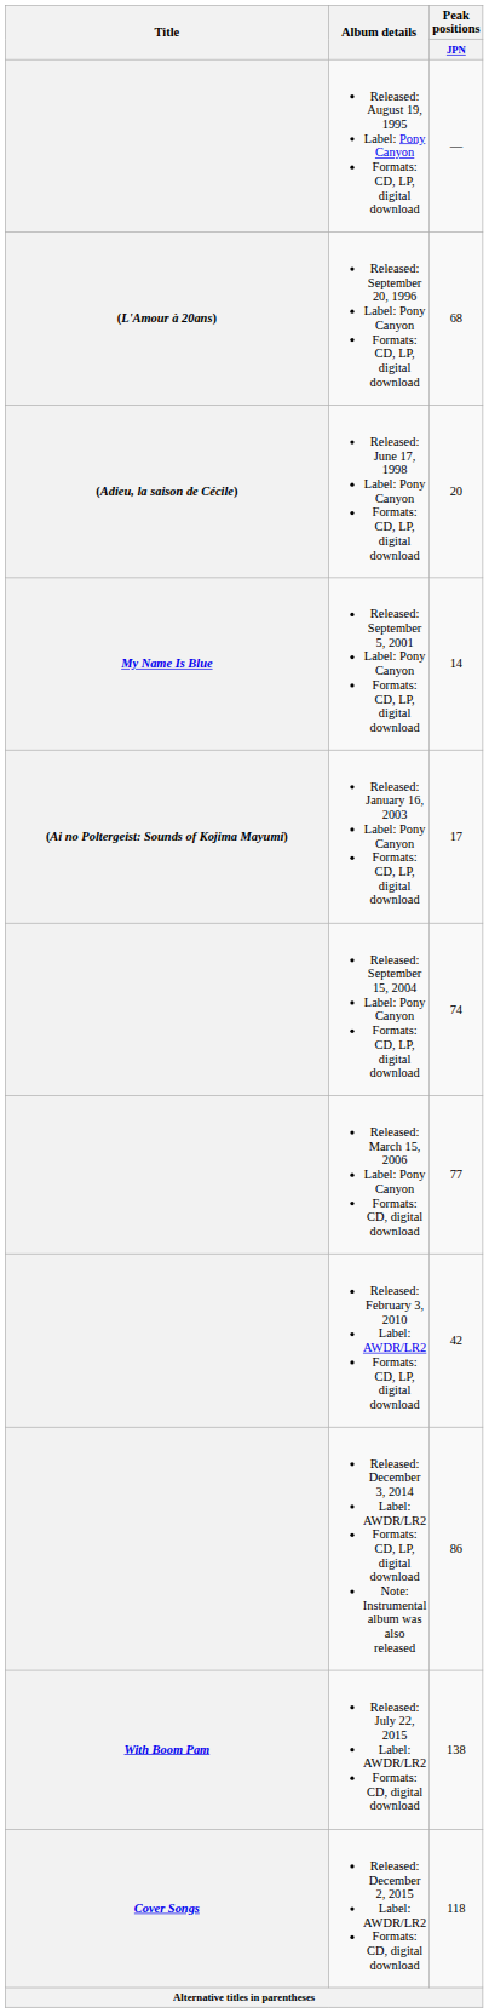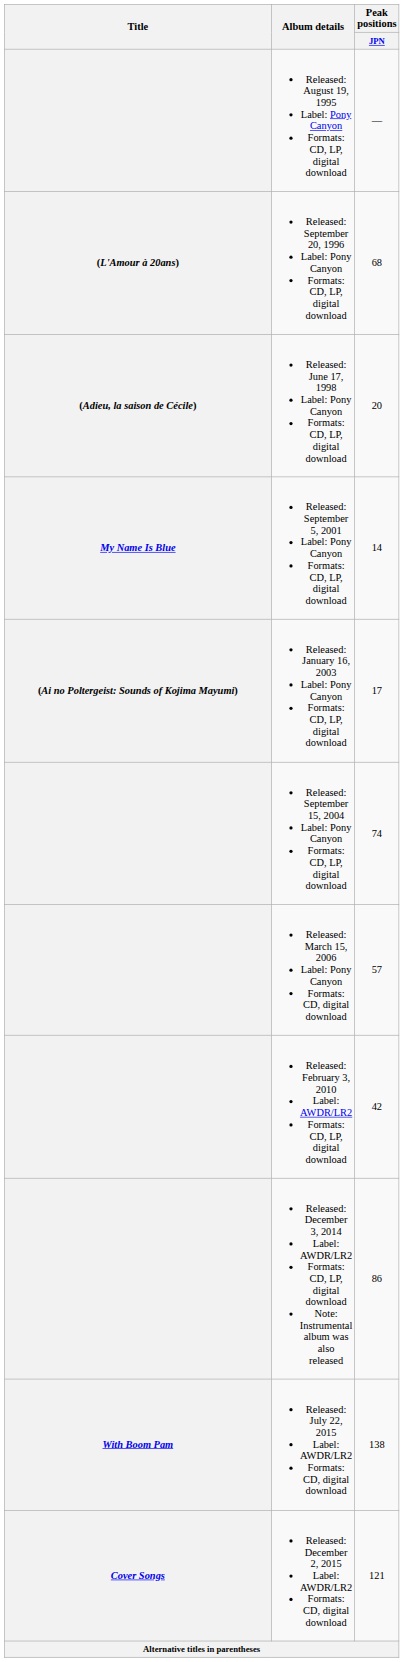 <table class="wikitable plainrowheaders" style="text-align:center;">
 <tr>
 <th rowspan="2" style="width:37em;">Title</th>
 <th rowspan="2">Album details</th>
 <th colspan="1">Peak positions</th>
 </tr>
 <tr>
 <th style="width:2.5em;"><small><a href='#'>JPN</a></small><br></th>
 </tr>
 <tr>
 <th scope="row"></th>
 <td><br><ul><li>Released: August 19, 1995 </li><li>Label: <a href='#'>Pony Canyon</a></li><li>Formats: CD, LP, digital download</li></ul></td>
 <td>—</td>
 </tr>
 <tr>
 <th scope="row"> (<em>L'Amour à 20ans</em>)</th>
 <td><br><ul><li>Released: September 20, 1996 </li><li>Label: Pony Canyon</li><li>Formats: CD, LP, digital download</li></ul></td>
 <td>68</td>
 </tr>
 <tr>
 <th scope="row"> (<em>Adieu, la saison de Cécile</em>)</th>
 <td><br><ul><li>Released: June 17, 1998 </li><li>Label: Pony Canyon</li><li>Formats: CD, LP, digital download</li></ul></td>
 <td>20</td>
 </tr>
 <tr>
 <th scope="row"><em><a href='#'>My Name Is Blue</a></em></th>
 <td><br><ul><li>Released: September 5, 2001 </li><li>Label: Pony Canyon</li><li>Formats: CD, LP, digital download</li></ul></td>
 <td>14</td>
 </tr>
 <tr>
 <th scope="row"> (<em>Ai no Poltergeist: Sounds of Kojima Mayumi</em>)</th>
 <td><br><ul><li>Released: January 16, 2003 </li><li>Label: Pony Canyon</li><li>Formats: CD, LP, digital download</li></ul></td>
 <td>17</td>
 </tr>
 <tr>
 <th scope="row"></th>
 <td><br><ul><li>Released: September 15, 2004 </li><li>Label: Pony Canyon</li><li>Formats: CD, LP, digital download</li></ul></td>
 <td>74</td>
 </tr>
 <tr>
 <th scope="row"></th>
 <td><br><ul><li>Released: March 15, 2006 </li><li>Label: Pony Canyon</li><li>Formats: CD, digital download</li></ul></td>
-<td>77</td>
+<td>57</td>
 </tr>
 <tr>
 <th scope="row"></th>
 <td><br><ul><li>Released: February 3, 2010 </li><li>Label: <a href='#'>AWDR/LR2</a></li><li>Formats: CD, LP, digital download</li></ul></td>
 <td>42</td>
 </tr>
 <tr>
 <th scope="row"></th>
 <td><br><ul><li>Released: December 3, 2014 </li><li>Label: AWDR/LR2</li><li>Formats: CD, LP, digital download</li><li>Note: Instrumental album was also released</li></ul></td>
 <td>86</td>
 </tr>
 <tr>
 <th scope="row"><em><a href='#'>With Boom Pam</a></em></th>
 <td><br><ul><li>Released: July 22, 2015 </li><li>Label: AWDR/LR2</li><li>Formats: CD, digital download</li></ul></td>
 <td>138</td>
 </tr>
 <tr>
 <th scope="row"><em><a href='#'>Cover Songs</a></em></th>
 <td><br><ul><li>Released: December 2, 2015 </li><li>Label: AWDR/LR2</li><li>Formats: CD, digital download</li></ul></td>
-<td>118</td>
+<td>121</td>
 </tr>
 <tr>
 <th scope="row" colspan=3><small>Alternative titles in parentheses</small></th>
 </tr>
 </table>
